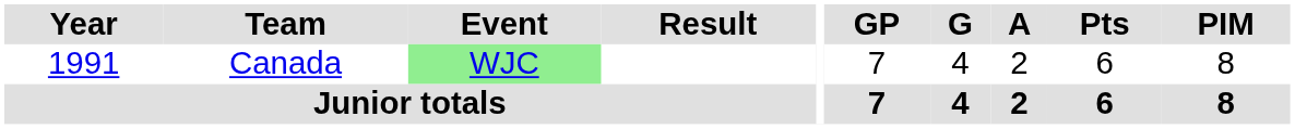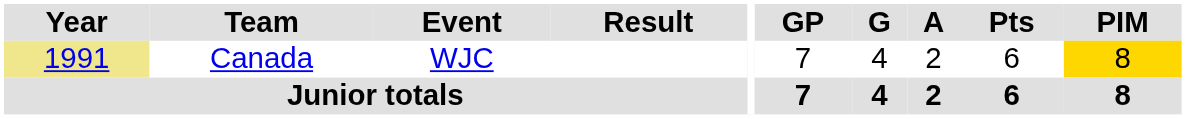 <table border="0" cellpadding="1" cellspacing="0" ID="Table3" style="text-align:center; width:40em">
 <tr ALIGN="center" bgcolor="#e0e0e0">
 <th>Year</th>
 <th>Team</th>
 <th>Event</th>
 <th>Result</th>
 <th rowspan="99" bgcolor="#ffffff"></th>
 <th>GP</th>
 <th>G</th>
 <th>A</th>
 <th>Pts</th>
 <th>PIM</th>
 </tr>
 <tr>
-<td><a href='#'>1991</a></td>
+<td style="background: khaki;"><a href='#'>1991</a></td>
 <td><a href='#'>Canada</a></td>
-<td style="background: lightgreen;"><a href='#'>WJC</a></td>
+<td><a href='#'>WJC</a></td>
 <td></td>
 <td>7</td>
 <td>4</td>
 <td>2</td>
 <td>6</td>
-<td>8</td>
+<td style="background: gold;">8</td>
 </tr>
 <tr bgcolor="#e0e0e0">
 <th colspan="4">Junior totals</th>
 <th>7</th>
 <th>4</th>
 <th>2</th>
 <th>6</th>
 <th>8</th>
 </tr>
 </table>
